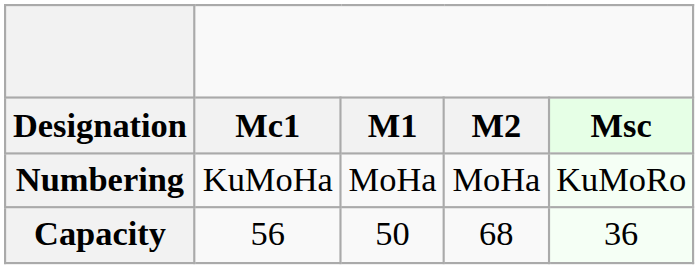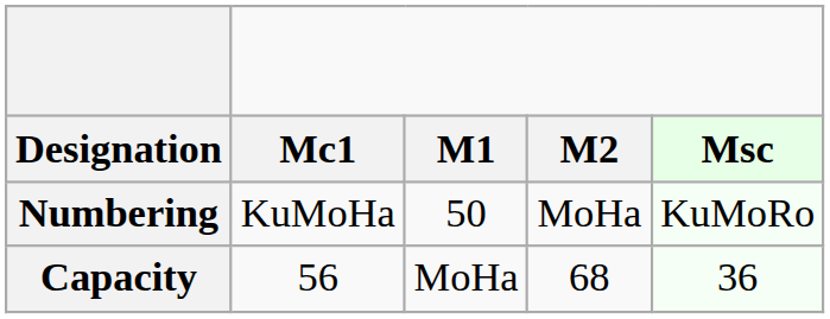 <table class="wikitable" style="text-align:center">
 <tr style="border-bottom: 4px solid #">
 <th></th>
 <td colspan="4"> <br><br></td>
 </tr>
 <tr>
 <th>Designation</th>
 <th>Mc1</th>
 <th>M1</th>
 <th>M2</th>
 <th style="background:#E6FFE6">Msc</th>
 </tr>
 <tr>
 <th>Numbering</th>
 <td>KuMoHa </td>
-<td>MoHa </td>
+<td>50</td>
 <td>MoHa </td>
 <td style="background:#F5FFF5">KuMoRo </td>
 </tr>
 <tr>
 <th>Capacity</th>
 <td>56</td>
-<td>50</td>
+<td>MoHa </td>
 <td>68</td>
 <td style="background:#F5FFF5">36</td>
 </tr>
 </table>
